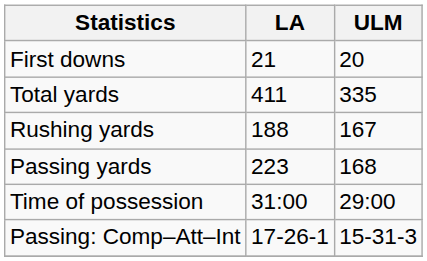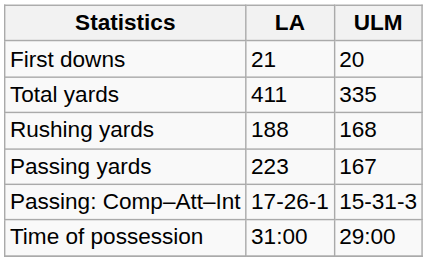 <table class="wikitable" style="float: left;">
 <tr>
 <th>Statistics</th>
 <th>LA</th>
 <th>ULM</th>
 </tr>
 <tr>
 <td>First downs</td>
 <td>21</td>
 <td>20</td>
 </tr>
 <tr>
 <td>Total yards</td>
 <td>411</td>
 <td>335</td>
 </tr>
 <tr>
 <td>Rushing yards</td>
 <td>188</td>
-<td>167</td>
+<td>168</td>
 </tr>
 <tr>
 <td>Passing yards</td>
 <td>223</td>
-<td>168</td>
+<td>167</td>
+</tr>
+<tr>
+<td>Passing: Comp–Att–Int</td>
+<td>17-26-1</td>
+<td>15-31-3</td>
 </tr>
 <tr>
 <td>Time of possession</td>
 <td>31:00</td>
 <td>29:00</td>
 </tr>
 <tr>
-<td>Passing: Comp–Att–Int</td>
-<td>17-26-1</td>
-<td>15-31-3</td>
-</tr>
-<tr>
 </tr>
 </table>
